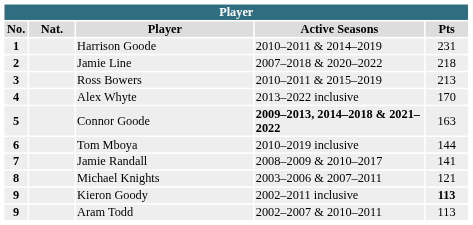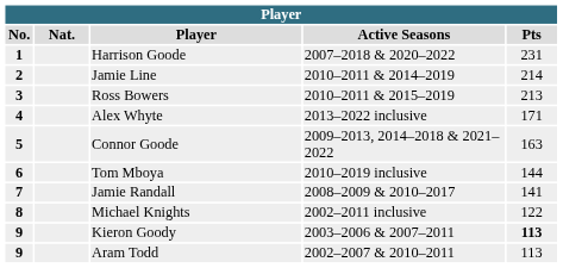 <table class="toccolours"  style="width:97%; clear:both; margin:1.5em auto; text-align:center;">
 <tr>
 <th colspan="11" style="background:#2f6d81; color:white;”">Player</th>
 </tr>
 <tr style="background:#ddd;">
 <th width=5%>No.</th>
 <th width=10%>Nat.</th>
 <th !width=30%>Player</th>
 <th width=37%>Active Seasons</th>
 <th widith=18%>Pts</th>
 </tr>
 <tr style="background:#eee;">
 <td><strong>1</strong></td>
 <td></td>
 <td align=left>Harrison Goode</td>
-<td align=left>2010–2011 & 2014–2019</td>
+<td align=left>2007–2018 & 2020–2022</td>
 <td>231</td>
 </tr>
 <tr style="background:#eee;">
 <td><strong>2</strong></td>
 <td></td>
 <td align=left>Jamie Line</td>
-<td align=left>2007–2018 & 2020–2022</td>
-<td>218</td>
+<td align=left>2010–2011 & 2014–2019</td>
+<td>214</td>
 </tr>
 <tr style="background:#eee;">
 <td><strong>3</strong></td>
 <td></td>
 <td align=left>Ross Bowers</td>
 <td align=left>2010–2011 & 2015–2019</td>
 <td>213</td>
 </tr>
 <tr style="background:#eee;">
 <td><strong>4</strong></td>
 <td></td>
 <td align=left>Alex Whyte</td>
 <td align=left>2013–2022 inclusive</td>
-<td>170</td>
+<td>171</td>
 </tr>
 <tr style="background:#eee;">
 <td><strong>5</strong></td>
 <td></td>
 <td align=left>Connor Goode</td>
-<td align=left><strong>2009–2013, 2014–2018 & 2021–2022</strong></td>
+<td align=left>2009–2013, 2014–2018 & 2021–2022</td>
 <td>163</td>
 </tr>
 <tr style="background:#eee;">
 <td><strong>6</strong></td>
 <td></td>
 <td align=left>Tom Mboya</td>
 <td align=left>2010–2019 inclusive</td>
 <td>144</td>
 </tr>
 <tr style="background:#eee;">
 <td><strong>7</strong></td>
 <td></td>
 <td align=left>Jamie Randall</td>
 <td align=left>2008–2009 & 2010–2017</td>
 <td>141</td>
 </tr>
 <tr style="background:#eee;">
 <td><strong>8</strong></td>
 <td></td>
 <td align=left>Michael Knights</td>
-<td align=left>2003–2006 & 2007–2011</td>
-<td>121</td>
+<td align=left>2002–2011 inclusive</td>
+<td>122</td>
 </tr>
 <tr style="background:#eee;">
 <td><strong>9</strong></td>
 <td></td>
 <td align="left">Kieron Goody</td>
-<td align=left>2002–2011 inclusive</td>
+<td align=left>2003–2006 & 2007–2011</td>
 <td><strong>113</strong></td>
 </tr>
 <tr style="background:#eee;">
 <td><strong>9</strong></td>
 <td></td>
 <td align=left>Aram Todd</td>
 <td align=left>2002–2007 & 2010–2011</td>
 <td>113</td>
 </tr>
 </table>
